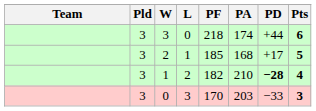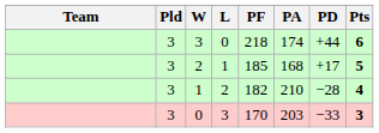 <table class=wikitable>
 <tr align=center>
 </tr>
 <tr>
 <th width=150>Team</th>
 <th width=20>Pld</th>
 <th width=20>W</th>
 <th width=20>L</th>
 <th width=30>PF</th>
 <th width=30>PA</th>
 <th width=30>PD</th>
 <th width=20>Pts</th>
 </tr>
 <tr align=center bgcolor=#ccffcc>
 <td align=left></td>
 <td>3</td>
 <td>3</td>
 <td>0</td>
 <td>218</td>
 <td>174</td>
 <td>+44</td>
 <td><strong>6</strong></td>
 </tr>
 <tr align=center bgcolor=#ccffcc>
 <td align=left></td>
 <td>3</td>
 <td>2</td>
 <td>1</td>
 <td>185</td>
 <td>168</td>
 <td>+17</td>
 <td><strong>5</strong></td>
 </tr>
 <tr align=center bgcolor=#ccffcc>
 <td align=left></td>
 <td>3</td>
 <td>1</td>
 <td>2</td>
 <td>182</td>
 <td>210</td>
-<td><strong>−28</strong></td>
+<td>−28</td>
 <td><strong>4</strong></td>
 </tr>
 <tr align=center bgcolor=#ffcccc>
 <td align=left></td>
 <td>3</td>
 <td>0</td>
 <td>3</td>
 <td>170</td>
 <td>203</td>
 <td>−33</td>
 <td><strong>3</strong></td>
 </tr>
 </table>
